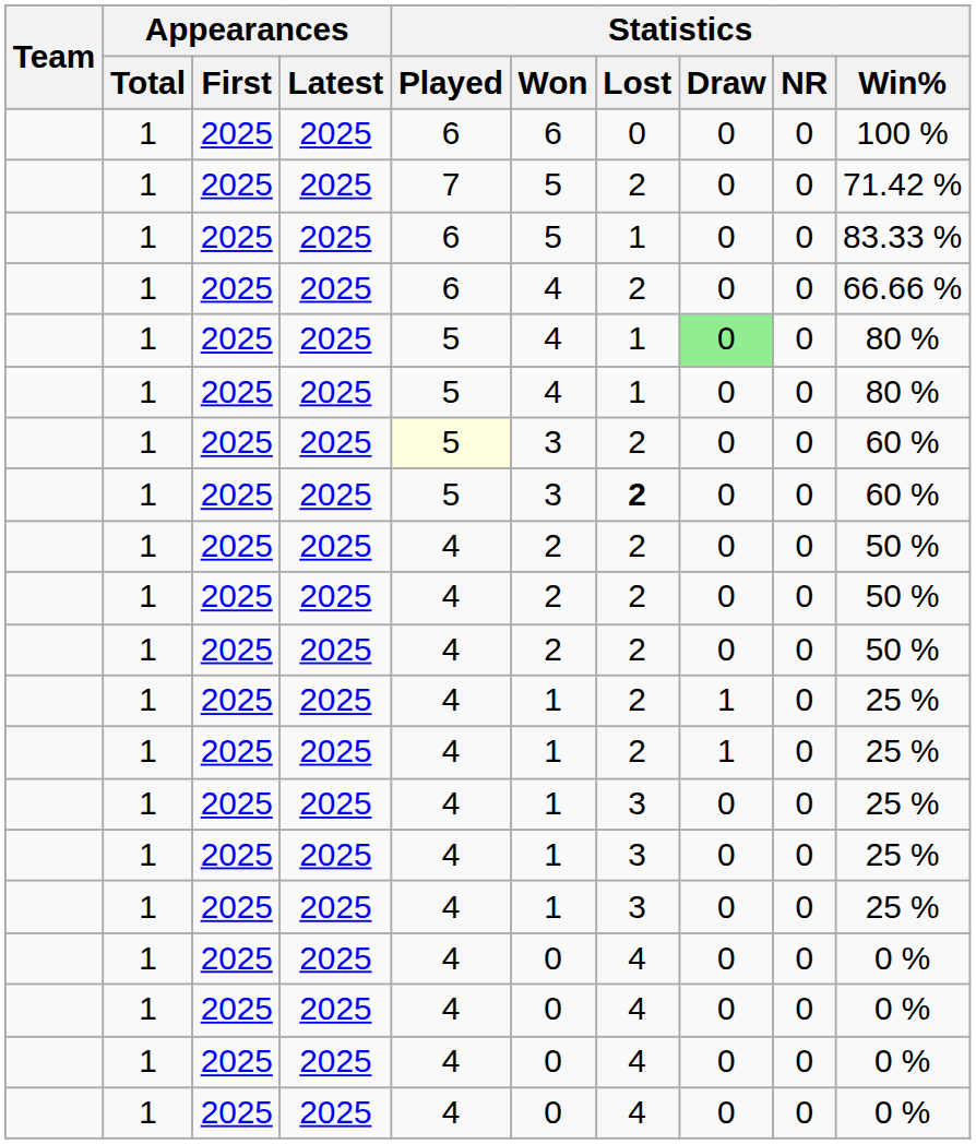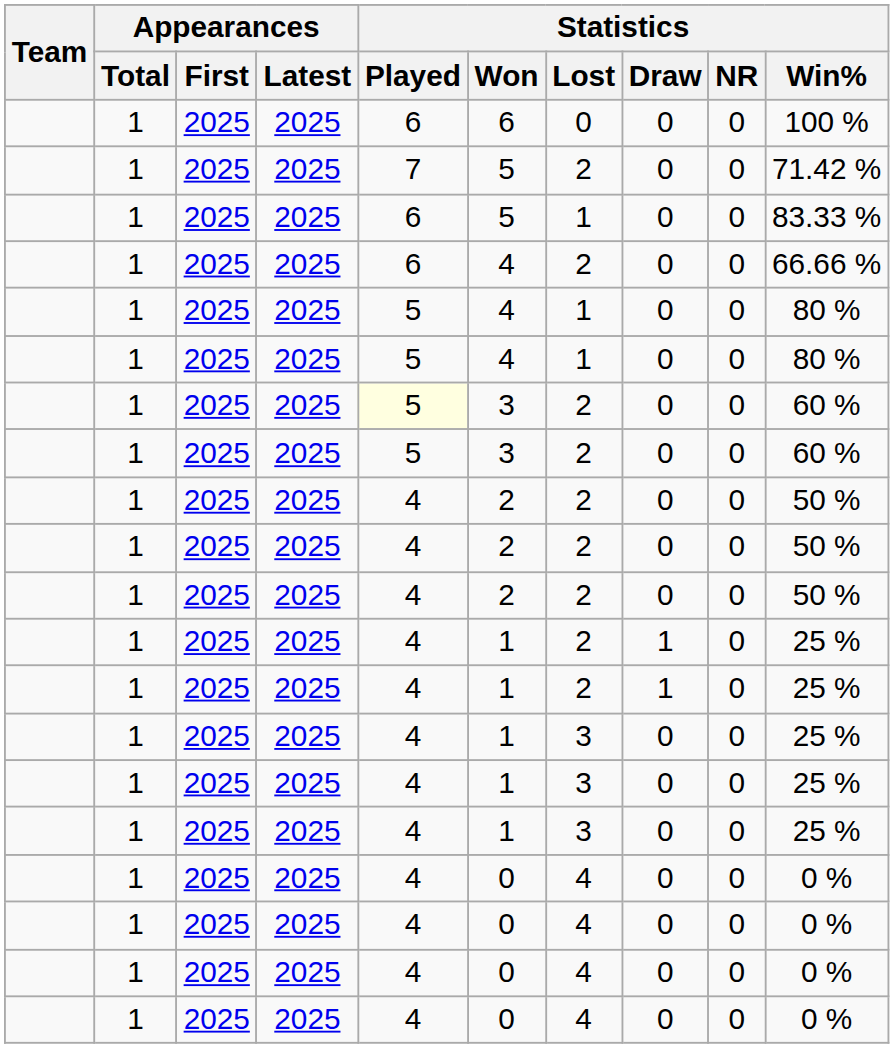 <table class="wikitable sortable" style="text-align: center;">
 <tr>
 <th rowspan="2">Team</th>
 <th colspan=3>Appearances</th>
 <th colspan="6">Statistics</th>
 </tr>
 <tr>
 <th>Total</th>
 <th>First</th>
 <th>Latest</th>
 <th>Played</th>
 <th>Won</th>
 <th>Lost</th>
 <th>Draw</th>
 <th>NR</th>
 <th>Win%</th>
 </tr>
 <tr>
 <td style="text-align:left;"></td>
 <td>1</td>
 <td><a href='#'>2025</a></td>
 <td><a href='#'>2025</a></td>
 <td>6</td>
 <td>6</td>
 <td>0</td>
 <td>0</td>
 <td>0</td>
 <td>100 %</td>
 </tr>
 <tr>
 <td style="text-align:left;"></td>
 <td>1</td>
 <td><a href='#'>2025</a></td>
 <td><a href='#'>2025</a></td>
 <td>7</td>
 <td>5</td>
 <td>2</td>
 <td>0</td>
 <td>0</td>
 <td>71.42 %</td>
 </tr>
 <tr>
 <td style="text-align:left;"></td>
 <td>1</td>
 <td><a href='#'>2025</a></td>
 <td><a href='#'>2025</a></td>
 <td>6</td>
 <td>5</td>
 <td>1</td>
 <td>0</td>
 <td>0</td>
 <td>83.33 %</td>
 </tr>
 <tr>
 <td style="text-align:left;"></td>
 <td>1</td>
 <td><a href='#'>2025</a></td>
 <td><a href='#'>2025</a></td>
 <td>6</td>
 <td>4</td>
 <td>2</td>
 <td>0</td>
 <td>0</td>
 <td>66.66 %</td>
 </tr>
 <tr>
 <td style="text-align:left;"></td>
 <td>1</td>
 <td><a href='#'>2025</a></td>
 <td><a href='#'>2025</a></td>
 <td>5</td>
 <td>4</td>
 <td>1</td>
-<td style="background: lightgreen;">0</td>
+<td>0</td>
 <td>0</td>
 <td>80 %</td>
 </tr>
 <tr>
 <td style="text-align:left;"></td>
 <td>1</td>
 <td><a href='#'>2025</a></td>
 <td><a href='#'>2025</a></td>
 <td>5</td>
 <td>4</td>
 <td>1</td>
 <td>0</td>
 <td>0</td>
 <td>80 %</td>
 </tr>
 <tr>
 <td style="text-align:left;"></td>
 <td>1</td>
 <td><a href='#'>2025</a></td>
 <td><a href='#'>2025</a></td>
 <td style="background: lightyellow;">5</td>
 <td>3</td>
 <td>2</td>
 <td>0</td>
 <td>0</td>
 <td>60 %</td>
 </tr>
 <tr>
 <td style="text-align:left;"></td>
 <td>1</td>
 <td><a href='#'>2025</a></td>
 <td><a href='#'>2025</a></td>
 <td>5</td>
 <td>3</td>
-<td><strong>2</strong></td>
+<td>2</td>
 <td>0</td>
 <td>0</td>
 <td>60 %</td>
 </tr>
 <tr>
 <td style="text-align:left;"></td>
 <td>1</td>
 <td><a href='#'>2025</a></td>
 <td><a href='#'>2025</a></td>
 <td>4</td>
 <td>2</td>
 <td>2</td>
 <td>0</td>
 <td>0</td>
 <td>50 %</td>
 </tr>
 <tr>
 <td style="text-align:left;"></td>
 <td>1</td>
 <td><a href='#'>2025</a></td>
 <td><a href='#'>2025</a></td>
 <td>4</td>
 <td>2</td>
 <td>2</td>
 <td>0</td>
 <td>0</td>
 <td>50 %</td>
 </tr>
 <tr>
 <td style="text-align:left;"></td>
 <td>1</td>
 <td><a href='#'>2025</a></td>
 <td><a href='#'>2025</a></td>
 <td>4</td>
 <td>2</td>
 <td>2</td>
 <td>0</td>
 <td>0</td>
 <td>50 %</td>
 </tr>
 <tr>
 <td style="text-align:left;"></td>
 <td>1</td>
 <td><a href='#'>2025</a></td>
 <td><a href='#'>2025</a></td>
 <td>4</td>
 <td>1</td>
 <td>2</td>
 <td>1</td>
 <td>0</td>
 <td>25 %</td>
 </tr>
 <tr>
 <td style="text-align:left;"></td>
 <td>1</td>
 <td><a href='#'>2025</a></td>
 <td><a href='#'>2025</a></td>
 <td>4</td>
 <td>1</td>
 <td>2</td>
 <td>1</td>
 <td>0</td>
 <td>25 %</td>
 </tr>
 <tr>
 <td style="text-align:left;"></td>
 <td>1</td>
 <td><a href='#'>2025</a></td>
 <td><a href='#'>2025</a></td>
 <td>4</td>
 <td>1</td>
 <td>3</td>
 <td>0</td>
 <td>0</td>
 <td>25 %</td>
 </tr>
 <tr>
 <td style="text-align:left;"></td>
 <td>1</td>
 <td><a href='#'>2025</a></td>
 <td><a href='#'>2025</a></td>
 <td>4</td>
 <td>1</td>
 <td>3</td>
 <td>0</td>
 <td>0</td>
 <td>25 %</td>
 </tr>
 <tr>
 <td style="text-align:left;"></td>
 <td>1</td>
 <td><a href='#'>2025</a></td>
 <td><a href='#'>2025</a></td>
 <td>4</td>
 <td>1</td>
 <td>3</td>
 <td>0</td>
 <td>0</td>
 <td>25 %</td>
 </tr>
 <tr>
 <td style="text-align:left;"></td>
 <td>1</td>
 <td><a href='#'>2025</a></td>
 <td><a href='#'>2025</a></td>
 <td>4</td>
 <td>0</td>
 <td>4</td>
 <td>0</td>
 <td>0</td>
 <td>0 %</td>
 </tr>
 <tr>
 <td style="text-align:left;"></td>
 <td>1</td>
 <td><a href='#'>2025</a></td>
 <td><a href='#'>2025</a></td>
 <td>4</td>
 <td>0</td>
 <td>4</td>
 <td>0</td>
 <td>0</td>
 <td>0 %</td>
 </tr>
 <tr>
 <td style="text-align:left;"></td>
 <td>1</td>
 <td><a href='#'>2025</a></td>
 <td><a href='#'>2025</a></td>
 <td>4</td>
 <td>0</td>
 <td>4</td>
 <td>0</td>
 <td>0</td>
 <td>0 %</td>
 </tr>
 <tr>
 <td style="text-align:left;"></td>
 <td>1</td>
 <td><a href='#'>2025</a></td>
 <td><a href='#'>2025</a></td>
 <td>4</td>
 <td>0</td>
 <td>4</td>
 <td>0</td>
 <td>0</td>
 <td>0 %</td>
 </tr>
 </table>
